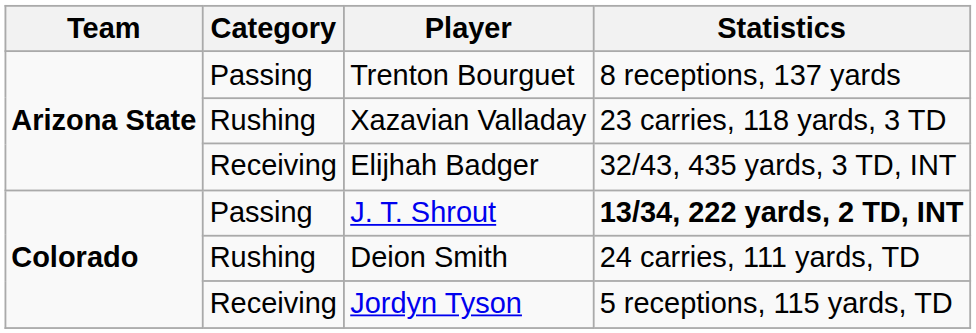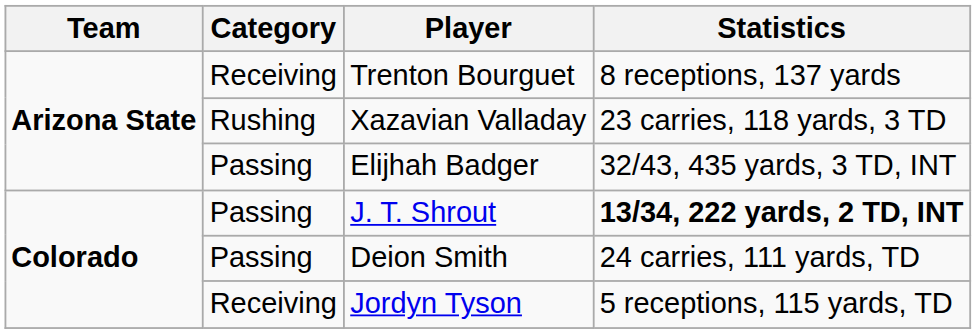 <table class="wikitable" style="float: right;">
 <tr>
 <th>Team</th>
 <th>Category</th>
 <th>Player</th>
 <th>Statistics</th>
 </tr>
 <tr>
 <td rowspan=3><strong>Arizona State</strong></td>
-<td>Passing</td>
+<td>Receiving</td>
 <td>Trenton Bourguet</td>
 <td>8 receptions, 137 yards</td>
 </tr>
 <tr>
 <td>Rushing</td>
 <td>Xazavian Valladay</td>
 <td>23 carries, 118 yards, 3 TD</td>
 </tr>
 <tr>
-<td>Receiving</td>
+<td>Passing</td>
 <td>Elijhah Badger</td>
 <td>32/43, 435 yards, 3 TD, INT</td>
 </tr>
 <tr>
 <td rowspan=3><strong>Colorado</strong></td>
 <td>Passing</td>
 <td><a href='#'>J. T. Shrout</a></td>
 <td><strong>13/34, 222 yards, 2 TD, INT</strong></td>
 </tr>
 <tr>
-<td>Rushing</td>
+<td>Passing</td>
 <td>Deion Smith</td>
 <td>24 carries, 111 yards, TD</td>
 </tr>
 <tr>
 <td>Receiving</td>
 <td><a href='#'>Jordyn Tyson</a></td>
 <td>5 receptions, 115 yards, TD</td>
 </tr>
 </table>
